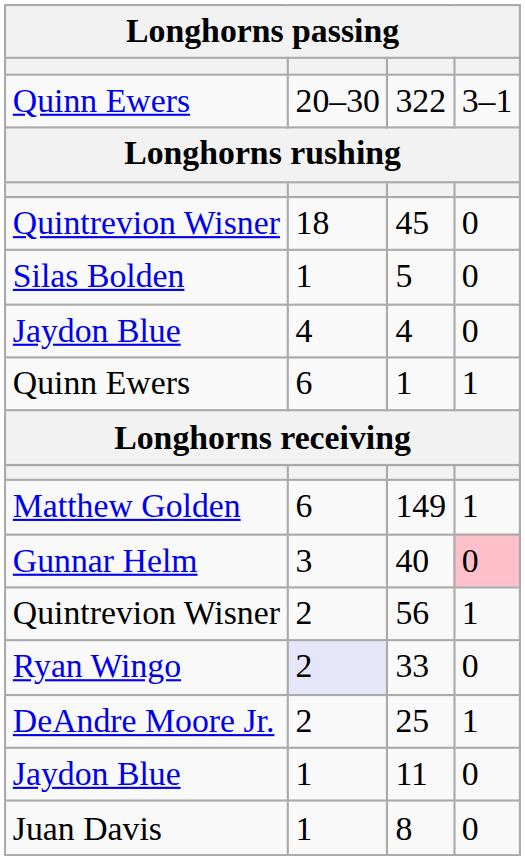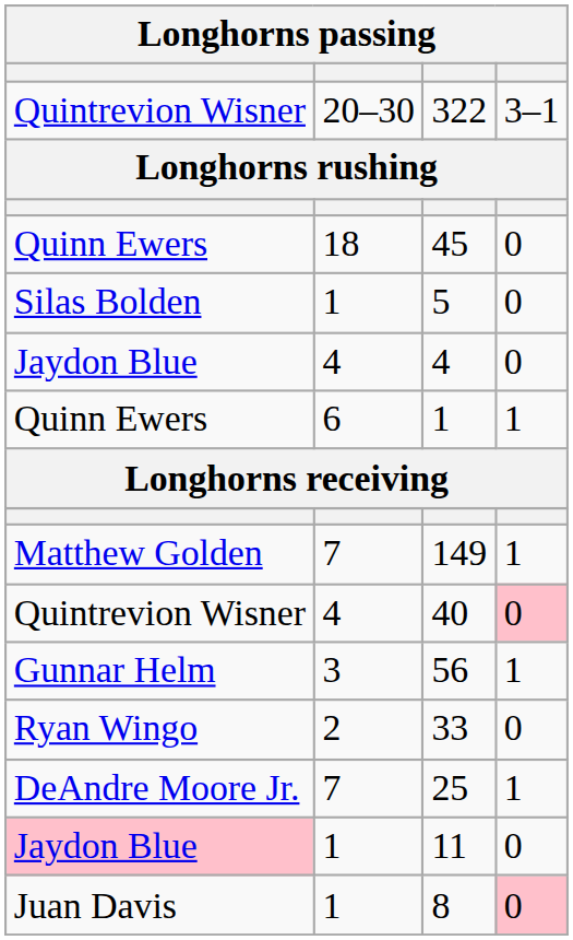 <table class="wikitable plainrowheaders">
 <tr>
 <th colspan="6">Longhorns passing</th>
 </tr>
 <tr>
 <th scope="col"></th>
 <th scope="col"></th>
 <th scope="col"></th>
 <th scope="col"></th>
 </tr>
 <tr>
-<td><a href='#'>Quinn Ewers</a></td>
+<td><a href='#'>Quintrevion Wisner</a></td>
 <td>20–30</td>
 <td>322</td>
 <td>3–1</td>
 </tr>
 <tr>
 <th colspan="6">Longhorns rushing</th>
 </tr>
 <tr>
 <th scope="col"></th>
 <th scope="col"></th>
 <th scope="col"></th>
 <th scope="col"></th>
 </tr>
 <tr>
-<td><a href='#'>Quintrevion Wisner</a></td>
+<td><a href='#'>Quinn Ewers</a></td>
 <td>18</td>
 <td>45</td>
 <td>0</td>
 </tr>
 <tr>
 <td><a href='#'>Silas Bolden</a></td>
 <td>1</td>
 <td>5</td>
 <td>0</td>
 </tr>
 <tr>
 <td><a href='#'>Jaydon Blue</a></td>
 <td>4</td>
 <td>4</td>
 <td>0</td>
 </tr>
 <tr>
 <td>Quinn Ewers</td>
 <td>6</td>
 <td>1</td>
 <td>1</td>
 </tr>
 <tr>
 <th colspan="6">Longhorns receiving</th>
 </tr>
 <tr>
 </tr>
 <tr>
 <th scope="col"></th>
 <th scope="col"></th>
 <th scope="col"></th>
 <th scope="col"></th>
 </tr>
 <tr>
 <td><a href='#'>Matthew Golden</a></td>
-<td>6</td>
+<td>7</td>
 <td>149</td>
 <td>1</td>
 </tr>
 <tr>
-<td><a href='#'>Gunnar Helm</a></td>
-<td>3</td>
+<td>Quintrevion Wisner</td>
+<td>4</td>
 <td>40</td>
 <td style="background: pink;">0</td>
 </tr>
 <tr>
-<td>Quintrevion Wisner</td>
-<td>2</td>
+<td><a href='#'>Gunnar Helm</a></td>
+<td>3</td>
 <td>56</td>
 <td>1</td>
 </tr>
 <tr>
 <td><a href='#'>Ryan Wingo</a></td>
-<td style="background: lavender;">2</td>
+<td>2</td>
 <td>33</td>
 <td>0</td>
 </tr>
 <tr>
 <td><a href='#'>DeAndre Moore Jr.</a></td>
-<td>2</td>
+<td>7</td>
 <td>25</td>
 <td>1</td>
 </tr>
 <tr>
-<td><a href='#'>Jaydon Blue</a></td>
+<td style="background: pink;"><a href='#'>Jaydon Blue</a></td>
 <td>1</td>
 <td>11</td>
 <td>0</td>
 </tr>
 <tr>
 <td>Juan Davis</td>
 <td>1</td>
 <td>8</td>
-<td>0</td>
+<td style="background: pink;">0</td>
 </tr>
 <tr>
 </tr>
 </table>
